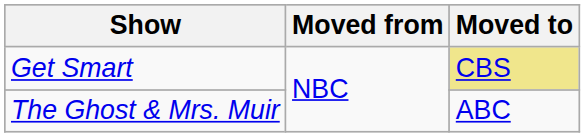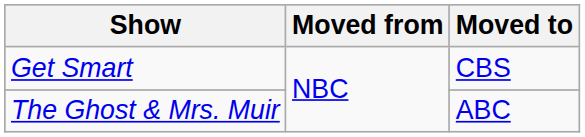 <table class="wikitable">
 <tr>
 <th>Show</th>
 <th>Moved from</th>
 <th>Moved to</th>
 </tr>
 <tr>
 <td><em><a href='#'>Get Smart</a></em></td>
 <td rowspan="2"><a href='#'>NBC</a></td>
-<td style="background: khaki;"><a href='#'>CBS</a></td>
+<td><a href='#'>CBS</a></td>
 </tr>
 <tr>
 <td><em><a href='#'>The Ghost & Mrs. Muir</a></em></td>
 <td><a href='#'>ABC</a></td>
 </tr>
 </table>
